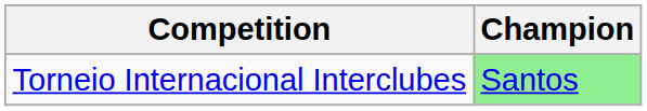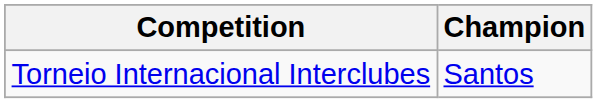 <table class="wikitable">
 <tr>
 <th>Competition</th>
 <th>Champion</th>
 </tr>
 <tr>
 <td><a href='#'>Torneio Internacional Interclubes</a></td>
-<td style="background: lightgreen;"><a href='#'>Santos</a></td>
+<td><a href='#'>Santos</a></td>
 </tr>
 </table>
